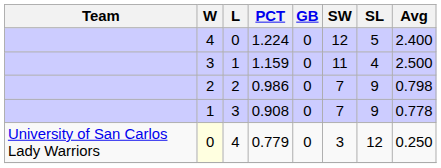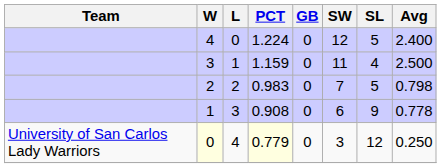 <table class=wikitable style="text-align:center;">
 <tr>
 <th width=200px>Team</th>
 <th width=20px>W</th>
 <th width=20px>L</th>
 <th width=35px><a href='#'>PCT</a></th>
 <th width=25px><a href='#'>GB</a></th>
 <th width=30px>SW</th>
 <th width=30px>SL</th>
 <th width=35px>Avg</th>
 </tr>
 <tr style="background:#CCCCFF;">
 <td align=left></td>
 <td>4</td>
 <td>0</td>
 <td>1.224</td>
 <td>0</td>
 <td>12</td>
 <td>5</td>
 <td>2.400</td>
 </tr>
 <tr style="background:#CCCCFF;">
 <td align=left></td>
 <td>3</td>
 <td>1</td>
 <td>1.159</td>
 <td>0</td>
 <td>11</td>
 <td>4</td>
 <td>2.500</td>
 </tr>
 <tr style="background:#CCCCFF;">
 <td align=left></td>
 <td>2</td>
 <td>2</td>
-<td>0.986</td>
+<td>0.983</td>
 <td>0</td>
 <td>7</td>
-<td>9</td>
+<td>5</td>
 <td>0.798</td>
 </tr>
 <tr style="background:#CCCCFF;">
 <td align=left></td>
 <td>1</td>
 <td>3</td>
 <td>0.908</td>
 <td>0</td>
-<td>7</td>
+<td>6</td>
 <td>9</td>
 <td>0.778</td>
 </tr>
 <tr>
 <td align=left> <a href='#'>University of San Carlos</a> Lady Warriors</td>
 <td style="background: lightyellow;">0</td>
 <td>4</td>
-<td>0.779</td>
+<td style="background: lightyellow;">0.779</td>
 <td>0</td>
 <td>3</td>
 <td>12</td>
 <td>0.250</td>
 </tr>
 <tr>
 </tr>
 </table>
